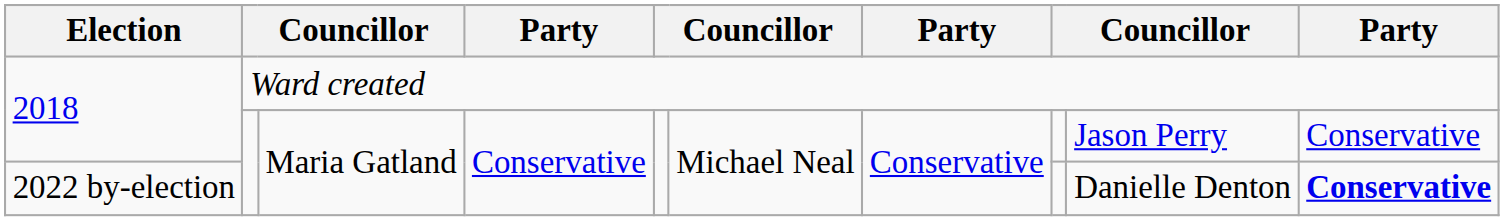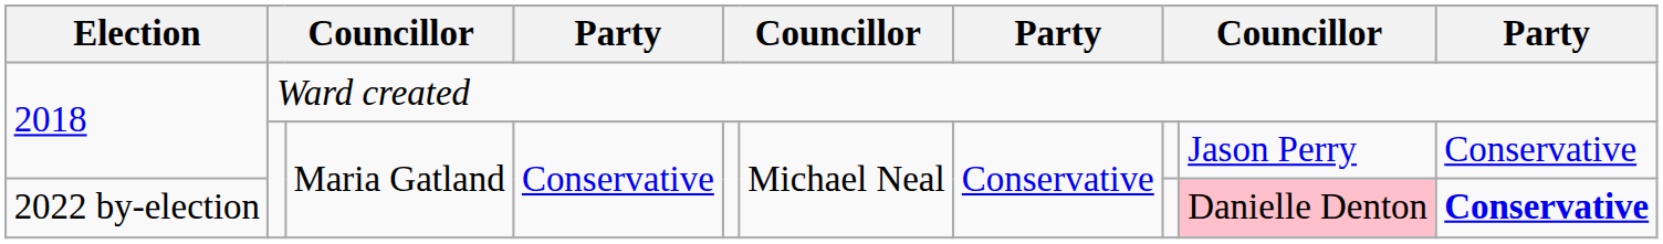 <table class="wikitable">
 <tr>
 <th>Election</th>
 <th colspan="2">Councillor</th>
 <th>Party</th>
 <th colspan="2">Councillor</th>
 <th>Party</th>
 <th colspan="2">Councillor</th>
 <th>Party</th>
 </tr>
 <tr>
 <td rowspan="2"><a href='#'>2018</a></td>
 <td colspan="12"><em>Ward created</em></td>
 </tr>
 <tr>
 <td rowspan="2" style="background-color: "></td>
 <td rowspan="2">Maria Gatland</td>
 <td rowspan="2"><a href='#'>Conservative</a></td>
 <td rowspan="2" style="background-color: "></td>
 <td rowspan="2">Michael Neal</td>
 <td rowspan="2"><a href='#'>Conservative</a></td>
 <td style="background-color: "></td>
 <td><a href='#'>Jason Perry</a></td>
 <td><a href='#'>Conservative</a></td>
 </tr>
 <tr>
 <td>2022 by-election</td>
 <td style="background-color: "></td>
-<td>Danielle Denton</td>
+<td style="background: pink;">Danielle Denton</td>
 <td><strong><a href='#'>Conservative</a></strong></td>
 </tr>
 </table>
